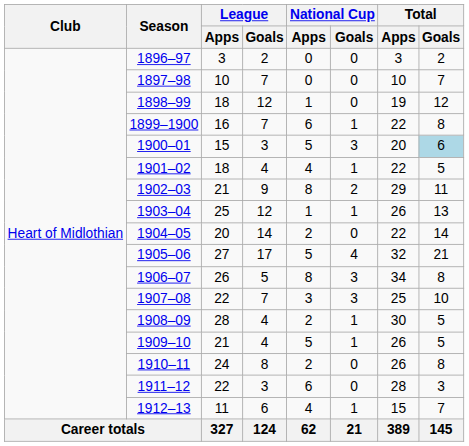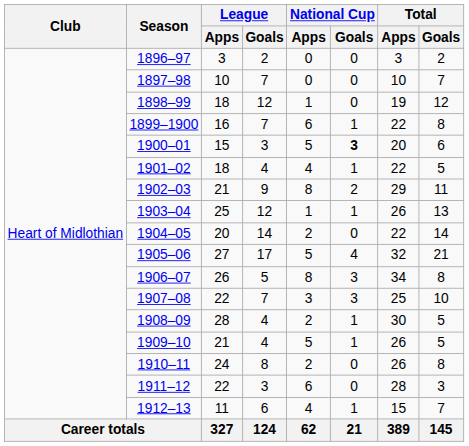 <table class="wikitable" style="text-align: center;">
 <tr>
 <th rowspan="2">Club</th>
 <th rowspan="2">Season</th>
 <th colspan="2"><a href='#'>League</a></th>
 <th colspan="2"><a href='#'>National Cup</a></th>
 <th colspan="2">Total</th>
 </tr>
 <tr>
 <th>Apps</th>
 <th>Goals</th>
 <th>Apps</th>
 <th>Goals</th>
 <th>Apps</th>
 <th>Goals</th>
 </tr>
 <tr>
 <td rowspan="17"><a href='#'>Heart of Midlothian</a></td>
 <td><a href='#'>1896–97</a></td>
 <td>3</td>
 <td>2</td>
 <td>0</td>
 <td>0</td>
 <td>3</td>
 <td>2</td>
 </tr>
 <tr>
 <td><a href='#'>1897–98</a></td>
 <td>10</td>
 <td>7</td>
 <td>0</td>
 <td>0</td>
 <td>10</td>
 <td>7</td>
 </tr>
 <tr>
 <td><a href='#'>1898–99</a></td>
 <td>18</td>
 <td>12</td>
 <td>1</td>
 <td>0</td>
 <td>19</td>
 <td>12</td>
 </tr>
 <tr>
 <td><a href='#'>1899–1900</a></td>
 <td>16</td>
 <td>7</td>
 <td>6</td>
 <td>1</td>
 <td>22</td>
 <td>8</td>
 </tr>
 <tr>
 <td><a href='#'>1900–01</a></td>
 <td>15</td>
 <td>3</td>
 <td>5</td>
-<td>3</td>
+<td><strong>3</strong></td>
 <td>20</td>
-<td style="background: lightblue;">6</td>
+<td>6</td>
 </tr>
 <tr>
 <td><a href='#'>1901–02</a></td>
 <td>18</td>
 <td>4</td>
 <td>4</td>
 <td>1</td>
 <td>22</td>
 <td>5</td>
 </tr>
 <tr>
 <td><a href='#'>1902–03</a></td>
 <td>21</td>
 <td>9</td>
 <td>8</td>
 <td>2</td>
 <td>29</td>
 <td>11</td>
 </tr>
 <tr>
 <td><a href='#'>1903–04</a></td>
 <td>25</td>
 <td>12</td>
 <td>1</td>
 <td>1</td>
 <td>26</td>
 <td>13</td>
 </tr>
 <tr>
 <td><a href='#'>1904–05</a></td>
 <td>20</td>
 <td>14</td>
 <td>2</td>
 <td>0</td>
 <td>22</td>
 <td>14</td>
 </tr>
 <tr>
 <td><a href='#'>1905–06</a></td>
 <td>27</td>
 <td>17</td>
 <td>5</td>
 <td>4</td>
 <td>32</td>
 <td>21</td>
 </tr>
 <tr>
 <td><a href='#'>1906–07</a></td>
 <td>26</td>
 <td>5</td>
 <td>8</td>
 <td>3</td>
 <td>34</td>
 <td>8</td>
 </tr>
 <tr>
 <td><a href='#'>1907–08</a></td>
 <td>22</td>
 <td>7</td>
 <td>3</td>
 <td>3</td>
 <td>25</td>
 <td>10</td>
 </tr>
 <tr>
 <td><a href='#'>1908–09</a></td>
 <td>28</td>
 <td>4</td>
 <td>2</td>
 <td>1</td>
 <td>30</td>
 <td>5</td>
 </tr>
 <tr>
 <td><a href='#'>1909–10</a></td>
 <td>21</td>
 <td>4</td>
 <td>5</td>
 <td>1</td>
 <td>26</td>
 <td>5</td>
 </tr>
 <tr>
 <td><a href='#'>1910–11</a></td>
 <td>24</td>
 <td>8</td>
 <td>2</td>
 <td>0</td>
 <td>26</td>
 <td>8</td>
 </tr>
 <tr>
 <td><a href='#'>1911–12</a></td>
 <td>22</td>
 <td>3</td>
 <td>6</td>
 <td>0</td>
 <td>28</td>
 <td>3</td>
 </tr>
 <tr>
 <td><a href='#'>1912–13</a></td>
 <td>11</td>
 <td>6</td>
 <td>4</td>
 <td>1</td>
 <td>15</td>
 <td>7</td>
 </tr>
 <tr>
 <th colspan="2">Career totals</th>
 <th>327</th>
 <th>124</th>
 <th>62</th>
 <th>21</th>
 <th>389</th>
 <th>145</th>
 </tr>
 </table>
